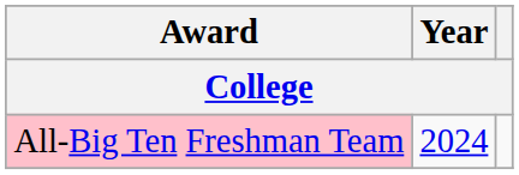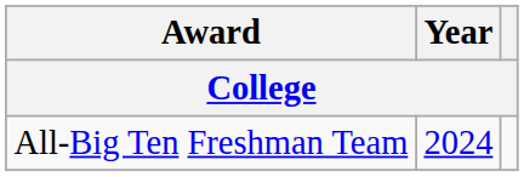 <table class="wikitable">
 <tr>
 <th>Award</th>
 <th>Year</th>
 <th></th>
 </tr>
 <tr>
 <th colspan="3"><a href='#'>College</a></th>
 </tr>
 <tr>
-<td style="background: pink;">All-<a href='#'>Big Ten</a> <a href='#'>Freshman Team</a></td>
+<td>All-<a href='#'>Big Ten</a> <a href='#'>Freshman Team</a></td>
 <td><a href='#'>2024</a></td>
 <td></td>
 </tr>
 </table>
